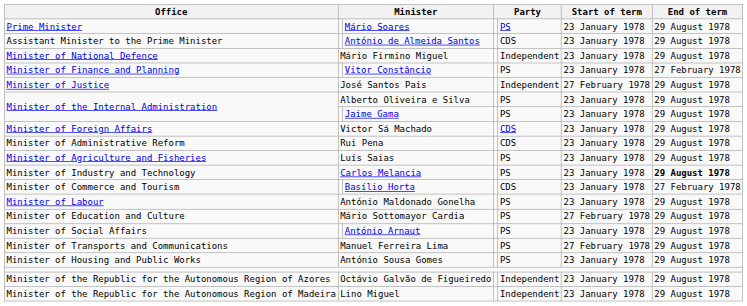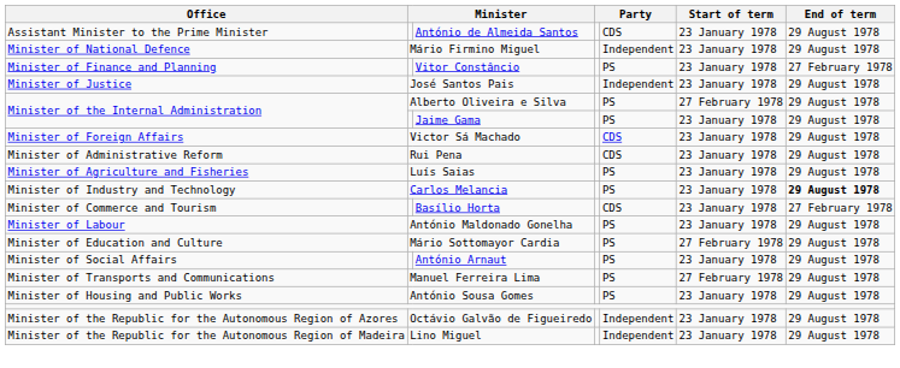 <table class="wikitable">
 <tr>
 <th>Office</th>
 <th colspan="2">Minister</th>
 <th colspan="2">Party</th>
 <th>Start of term</th>
 <th>End of term</th>
-</tr>
-<tr>
-<td><a href='#'>Prime Minister</a></td>
-<td></td>
-<td><a href='#'>Mário Soares</a></td>
-<td style="background:"></td>
-<td><a href='#'>PS</a></td>
-<td>23 January 1978</td>
-<td>29 August 1978</td>
 </tr>
 <tr>
 <td>Assistant Minister to the Prime Minister</td>
 <td></td>
 <td><a href='#'>António de Almeida Santos</a></td>
 <td style="background:"></td>
 <td>CDS</td>
 <td>23 January 1978</td>
 <td>29 August 1978</td>
 </tr>
 <tr>
 <td><a href='#'>Minister of National Defence</a></td>
 <td colspan="2">Mário Firmino Miguel</td>
 <td style="background:"></td>
 <td>Independent</td>
 <td>23 January 1978</td>
 <td>29 August 1978</td>
 </tr>
 <tr>
 <td><a href='#'>Minister of Finance and Planning</a></td>
 <td></td>
 <td><a href='#'>Vitor Constâncio</a></td>
 <td style="background:"></td>
 <td>PS</td>
 <td>23 January 1978</td>
 <td>27 February 1978</td>
 </tr>
 <tr>
 <td><a href='#'>Minister of Justice</a></td>
 <td colspan="2">José Santos Pais</td>
 <td style="background:"></td>
 <td>Independent</td>
-<td>27 February 1978</td>
+<td>23 January 1978</td>
 <td>29 August 1978</td>
 </tr>
 <tr>
 <td rowspan="2"><a href='#'>Minister of the Internal Administration</a></td>
 <td colspan="2">Alberto Oliveira e Silva</td>
 <td style="background:"></td>
 <td>PS</td>
-<td>23 January 1978</td>
+<td>27 February 1978</td>
 <td>29 August 1978</td>
 </tr>
 <tr>
 <td></td>
 <td><a href='#'>Jaime Gama</a></td>
 <td style="background:"></td>
 <td>PS</td>
 <td>23 January 1978</td>
 <td>29 August 1978</td>
 </tr>
 <tr>
 <td><a href='#'>Minister of Foreign Affairs</a></td>
 <td colspan="2">Victor Sá Machado</td>
 <td style="background:"></td>
 <td><a href='#'>CDS</a></td>
 <td>23 January 1978</td>
 <td>29 August 1978</td>
 </tr>
 <tr>
 <td>Minister of Administrative Reform</td>
 <td colspan="2">Rui Pena</td>
 <td style="background:"></td>
 <td>CDS</td>
 <td>23 January 1978</td>
 <td>29 August 1978</td>
 </tr>
 <tr>
 <td><a href='#'>Minister of Agriculture and Fisheries</a></td>
 <td colspan="2">Luís Saias</td>
 <td style="background:"></td>
 <td>PS</td>
 <td>23 January 1978</td>
 <td>29 August 1978</td>
 </tr>
 <tr>
 <td>Minister of Industry and Technology</td>
 <td colspan="2"><a href='#'>Carlos Melancia</a></td>
 <td style="background:"></td>
 <td>PS</td>
 <td>23 January 1978</td>
 <td><strong>29 August 1978</strong></td>
 </tr>
 <tr>
 <td>Minister of Commerce and Tourism</td>
 <td></td>
 <td><a href='#'>Basílio Horta</a></td>
 <td style="background:"></td>
 <td>CDS</td>
 <td>23 January 1978</td>
 <td>27 February 1978</td>
 </tr>
 <tr>
 <td><a href='#'>Minister of Labour</a></td>
 <td colspan="2">António Maldonado Gonelha</td>
 <td style="background:"></td>
 <td>PS</td>
 <td>23 January 1978</td>
 <td>29 August 1978</td>
 </tr>
 <tr>
 <td>Minister of Education and Culture</td>
 <td colspan="2">Mário Sottomayor Cardia</td>
 <td style="background:"></td>
 <td>PS</td>
 <td>27 February 1978</td>
 <td>29 August 1978</td>
 </tr>
 <tr>
 <td>Minister of Social Affairs</td>
 <td></td>
 <td><a href='#'>António Arnaut</a></td>
 <td style="background:"></td>
 <td>PS</td>
 <td>23 January 1978</td>
 <td>29 August 1978</td>
 </tr>
 <tr>
 <td>Minister of Transports and Communications</td>
 <td colspan="2">Manuel Ferreira Lima</td>
 <td style="background:"></td>
 <td>PS</td>
 <td>27 February 1978</td>
 <td>29 August 1978</td>
 </tr>
 <tr>
 <td>Minister of Housing and Public Works</td>
 <td colspan="2">António Sousa Gomes</td>
 <td style="background:"></td>
 <td>PS</td>
 <td>23 January 1978</td>
 <td>29 August 1978</td>
 </tr>
 <tr>
 <td colspan="7"></td>
 </tr>
 <tr>
 <td>Minister of the Republic for the Autonomous Region of Azores</td>
 <td colspan="2">Octávio Galvão de Figueiredo</td>
 <td style="background:"></td>
 <td>Independent</td>
 <td>23 January 1978</td>
 <td>29 August 1978</td>
 </tr>
 <tr>
 <td>Minister of the Republic for the Autonomous Region of Madeira</td>
 <td colspan="2">Lino Miguel</td>
 <td style="background:"></td>
 <td>Independent</td>
 <td>23 January 1978</td>
 <td>29 August 1978</td>
 </tr>
 </table>
